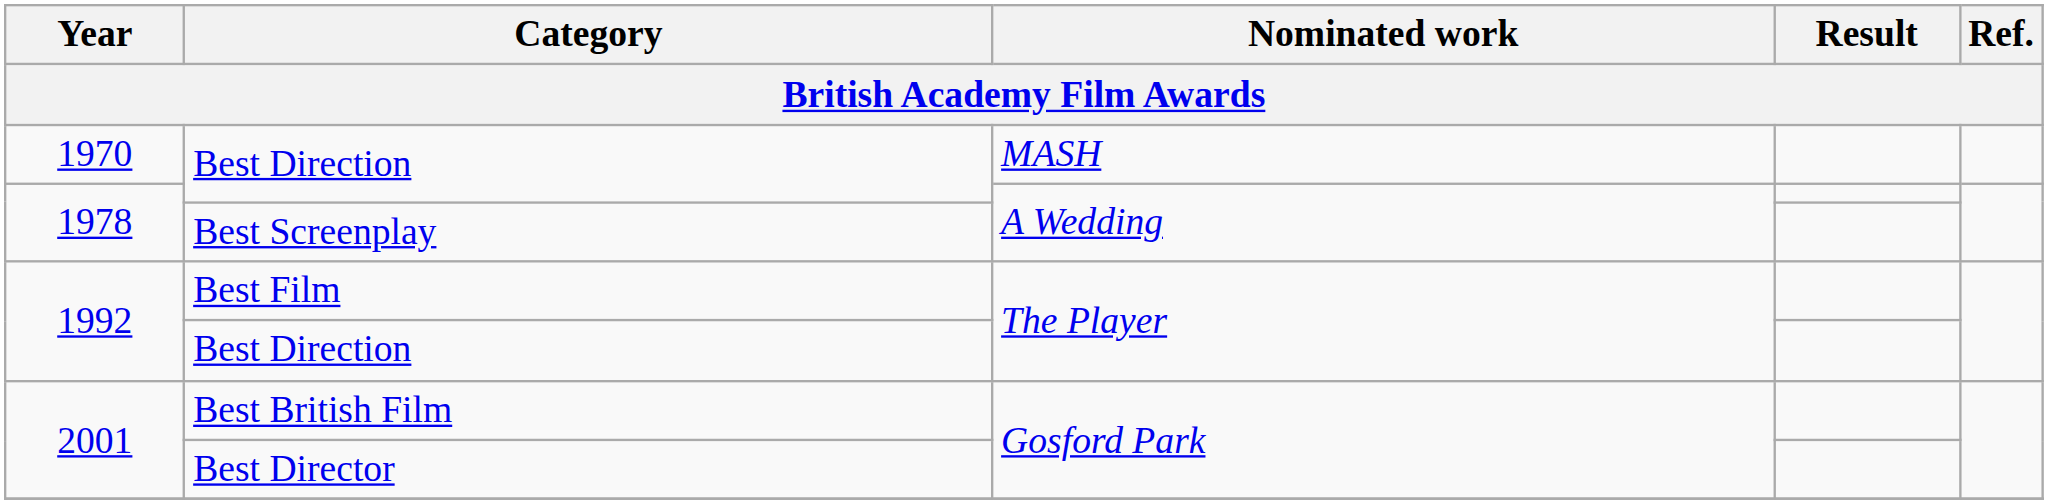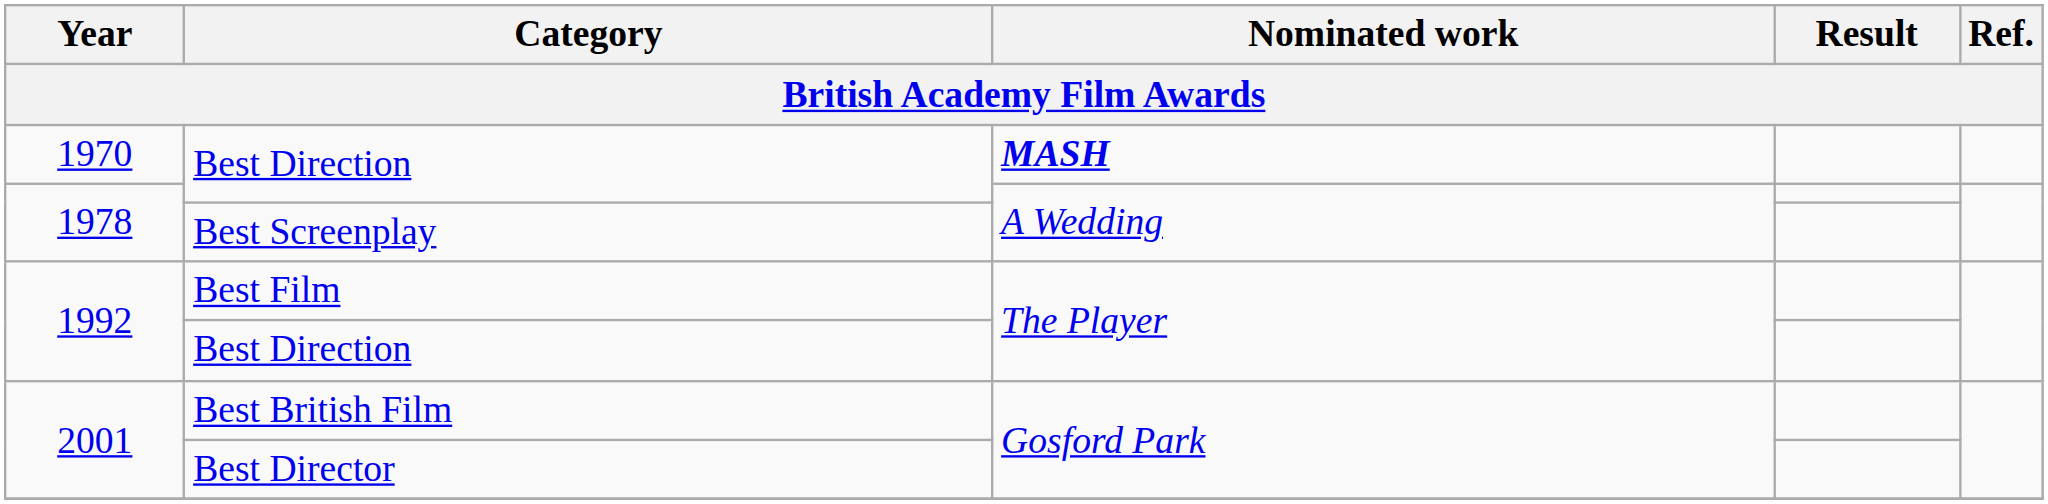 <table class=wikitable>
 <tr>
 <th scope="col" style="width:5em;">Year</th>
 <th scope="col" style="width:26em;">Category</th>
 <th scope="col" style="width:25em;">Nominated work</th>
 <th scope="col" style="width:5em;">Result</th>
 <th>Ref.</th>
 </tr>
 <tr>
 <th colspan=5><a href='#'>British Academy Film Awards</a></th>
 </tr>
 <tr>
 <td style="text-align:center;"><a href='#'>1970</a></td>
 <td rowspan="2"><a href='#'>Best Direction</a></td>
-<td><em><a href='#'>MASH</a></em></td>
+<td><strong><em><a href='#'>MASH</a></em></strong></td>
 <td></td>
 <td style="text-align:center;"></td>
 </tr>
 <tr>
 <td style="text-align:center;", rowspan=2><a href='#'>1978</a></td>
 <td rowspan="2"><em><a href='#'>A Wedding</a></em></td>
 <td></td>
 <td style="text-align:center;", rowspan=2></td>
 </tr>
 <tr>
 <td><a href='#'>Best Screenplay</a></td>
 <td></td>
 </tr>
 <tr>
 <td style="text-align:center;", rowspan=2><a href='#'>1992</a></td>
 <td><a href='#'>Best Film</a></td>
 <td rowspan=2><em><a href='#'>The Player</a></em></td>
 <td></td>
 <td style="text-align:center;", rowspan=2></td>
 </tr>
 <tr>
 <td><a href='#'>Best Direction</a></td>
 <td></td>
 </tr>
 <tr>
 <td style="text-align:center;", rowspan=2><a href='#'>2001</a></td>
 <td><a href='#'>Best British Film</a></td>
 <td rowspan=2><em><a href='#'>Gosford Park</a></em></td>
 <td></td>
 <td style="text-align:center;", rowspan=2></td>
 </tr>
 <tr>
 <td><a href='#'>Best Director</a></td>
 <td></td>
 </tr>
 <tr>
 </tr>
 </table>
